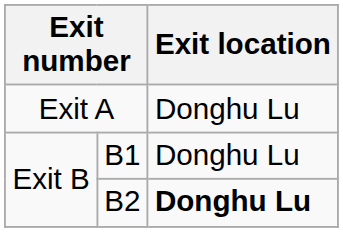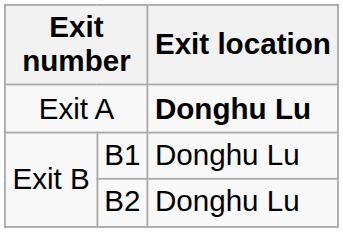 <table class="wikitable">
 <tr>
 <th style="width:70px" colspan="2">Exit number</th>
 <th>Exit location</th>
 </tr>
 <tr>
 <td align="center" colspan="2">Exit A</td>
-<td>Donghu Lu</td>
+<td><strong>Donghu Lu</strong></td>
 </tr>
 <tr>
 <td align="center" rowspan="2">Exit B</td>
 <td>B1</td>
 <td>Donghu Lu</td>
 </tr>
 <tr>
 <td>B2</td>
-<td><strong>Donghu Lu</strong></td>
+<td>Donghu Lu</td>
 </tr>
 </table>
